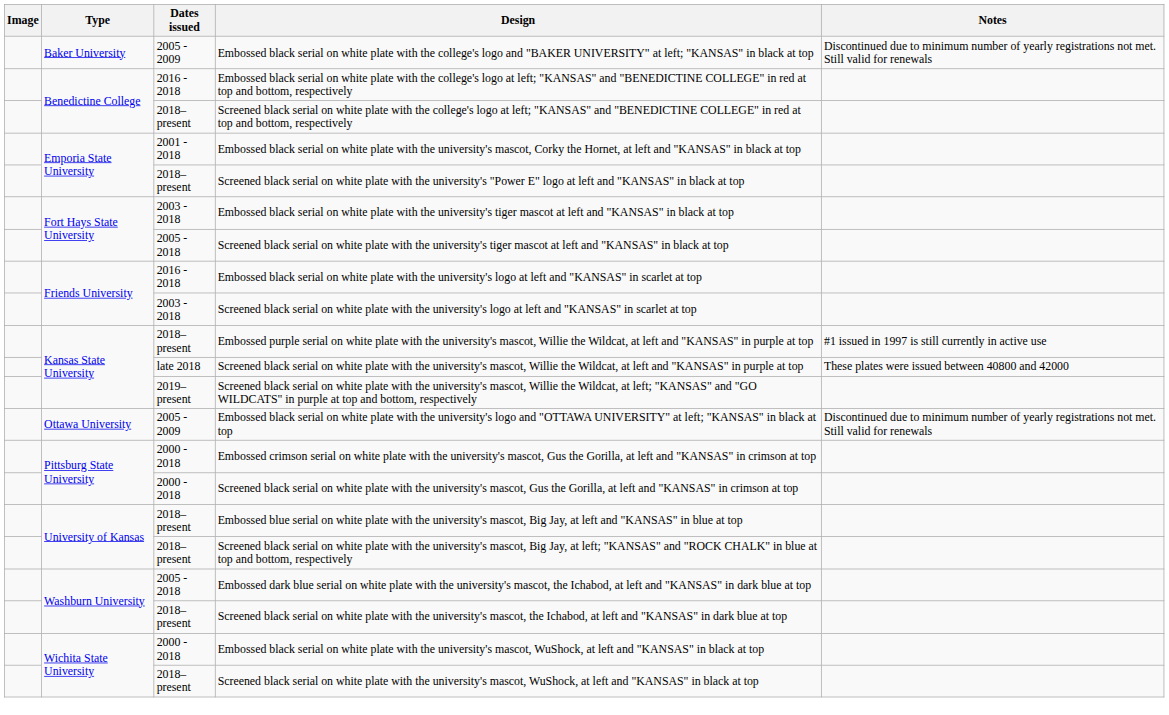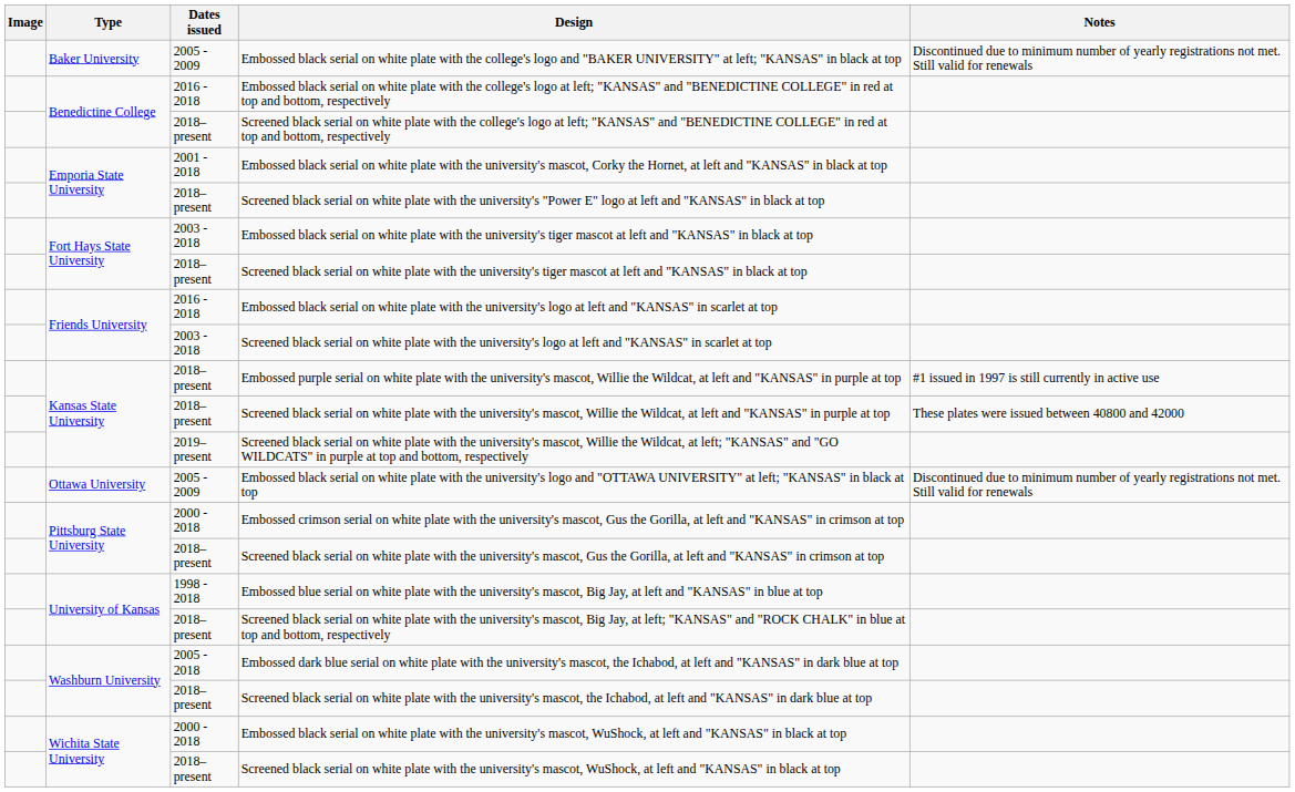 <table class="wikitable">
 <tr>
 <th>Image</th>
 <th>Type</th>
 <th>Dates issued</th>
 <th>Design</th>
 <th>Notes</th>
 </tr>
 <tr>
 <td></td>
 <td><a href='#'>Baker University</a></td>
 <td>2005 - 2009</td>
 <td>Embossed black serial on white plate with the college's logo and "BAKER UNIVERSITY" at left; "KANSAS" in black at top</td>
 <td>Discontinued due to minimum number of yearly registrations not met. Still valid for renewals</td>
 </tr>
 <tr>
 <td></td>
 <td rowspan="2"><a href='#'>Benedictine College</a></td>
 <td>2016 - 2018</td>
 <td>Embossed black serial on white plate with the college's logo at left; "KANSAS" and "BENEDICTINE COLLEGE" in red at top and bottom, respectively</td>
 <td></td>
 </tr>
 <tr>
 <td></td>
 <td>2018–present</td>
 <td>Screened black serial on white plate with the college's logo at left; "KANSAS" and "BENEDICTINE COLLEGE" in red at top and bottom, respectively</td>
 <td></td>
 </tr>
 <tr>
 <td></td>
 <td rowspan="2"><a href='#'>Emporia State University</a></td>
 <td>2001 - 2018</td>
 <td>Embossed black serial on white plate with the university's mascot, Corky the Hornet, at left and "KANSAS" in black at top</td>
 <td></td>
 </tr>
 <tr>
 <td></td>
 <td>2018–present</td>
 <td>Screened black serial on white plate with the university's "Power E" logo at left and "KANSAS" in black at top</td>
 <td></td>
 </tr>
 <tr>
 <td></td>
 <td rowspan="2"><a href='#'>Fort Hays State University</a></td>
 <td>2003 - 2018</td>
 <td>Embossed black serial on white plate with the university's tiger mascot at left and "KANSAS" in black at top</td>
 <td></td>
 </tr>
 <tr>
 <td></td>
-<td>2005 - 2018</td>
+<td>2018–present</td>
 <td>Screened black serial on white plate with the university's tiger mascot at left and "KANSAS" in black at top</td>
 <td></td>
 </tr>
 <tr>
 <td></td>
 <td rowspan="2"><a href='#'>Friends University</a></td>
 <td>2016 - 2018</td>
 <td>Embossed black serial on white plate with the university's logo at left and "KANSAS" in scarlet at top</td>
 <td></td>
 </tr>
 <tr>
 <td></td>
 <td>2003 - 2018</td>
 <td>Screened black serial on white plate with the university's logo at left and "KANSAS" in scarlet at top</td>
 <td></td>
 </tr>
 <tr>
 <td></td>
 <td rowspan="3"><a href='#'>Kansas State University</a></td>
 <td>2018–present</td>
 <td>Embossed purple serial on white plate with the university's mascot, Willie the Wildcat, at left and "KANSAS" in purple at top</td>
 <td>#1 issued in 1997 is still currently in active use</td>
 </tr>
 <tr>
 <td></td>
-<td>late 2018</td>
+<td>2018–present</td>
 <td>Screened black serial on white plate with the university's mascot, Willie the Wildcat, at left and "KANSAS" in purple at top</td>
 <td>These plates were issued between 40800 and 42000</td>
 </tr>
 <tr>
 <td></td>
 <td>2019–present</td>
 <td>Screened black serial on white plate with the university's mascot, Willie the Wildcat, at left; "KANSAS" and "GO WILDCATS" in purple at top and bottom, respectively</td>
 <td></td>
 </tr>
 <tr>
 <td></td>
 <td><a href='#'>Ottawa University</a></td>
 <td>2005 - 2009</td>
 <td>Embossed black serial on white plate with the university's logo and "OTTAWA UNIVERSITY" at left; "KANSAS" in black at top</td>
 <td>Discontinued due to minimum number of yearly registrations not met. Still valid for renewals</td>
 </tr>
 <tr>
 <td></td>
 <td rowspan="2"><a href='#'>Pittsburg State University</a></td>
 <td>2000 - 2018</td>
 <td>Embossed crimson serial on white plate with the university's mascot, Gus the Gorilla, at left and "KANSAS" in crimson at top</td>
 <td></td>
 </tr>
 <tr>
 <td></td>
-<td>2000 - 2018</td>
+<td>2018–present</td>
 <td>Screened black serial on white plate with the university's mascot, Gus the Gorilla, at left and "KANSAS" in crimson at top</td>
 <td></td>
 </tr>
 <tr>
 <td></td>
 <td rowspan="2"><a href='#'>University of Kansas</a></td>
-<td>2018–present</td>
+<td>1998 - 2018</td>
 <td>Embossed blue serial on white plate with the university's mascot, Big Jay, at left and "KANSAS" in blue at top</td>
 <td></td>
 </tr>
 <tr>
 <td></td>
 <td>2018–present</td>
 <td>Screened black serial on white plate with the university's mascot, Big Jay, at left;  "KANSAS" and "ROCK CHALK" in blue at top and bottom, respectively</td>
 <td></td>
 </tr>
 <tr>
 <td></td>
 <td rowspan="2"><a href='#'>Washburn University</a></td>
 <td>2005 - 2018</td>
 <td>Embossed dark blue serial on white plate with the university's mascot, the Ichabod, at left and "KANSAS" in dark blue at top</td>
 <td></td>
 </tr>
 <tr>
 <td></td>
 <td>2018–present</td>
 <td>Screened black serial on white plate with the university's mascot, the Ichabod, at left and "KANSAS" in dark blue at top</td>
 <td></td>
 </tr>
 <tr>
 <td></td>
 <td rowspan="2"><a href='#'>Wichita State University</a></td>
 <td>2000 - 2018</td>
 <td>Embossed black serial on white plate with the university's mascot, WuShock, at left and "KANSAS" in black at top</td>
 <td></td>
 </tr>
 <tr>
 <td></td>
 <td>2018–present</td>
 <td>Screened black serial on white plate with the university's mascot, WuShock, at left and "KANSAS" in black at top</td>
 <td></td>
 </tr>
 </table>
